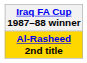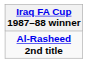 <table class="wikitable" style="text-align: center; margin: 0 auto;">
 <tr>
 <th><a href='#'>Iraq FA Cup</a><br>1987–88 winner</th>
 </tr>
 <tr>
-<td style="background: gold;"><strong><a href='#'>Al-Rasheed</a></strong><br><strong>2nd title</strong></td>
+<td><strong><a href='#'>Al-Rasheed</a></strong><br><strong>2nd title</strong></td>
 </tr>
 </table>
